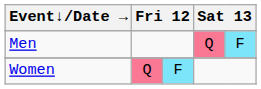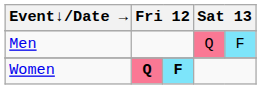 <table class="wikitable" style="margin:0.5em auto; font-size:90%; line-height:1.25em;">
 <tr style="text-align:center;">
 <th>Event↓/Date →</th>
 <th colspan=2>Fri 12</th>
 <th colspan=2>Sat 13</th>
 </tr>
 <tr>
 </tr>
 <tr style="text-align:center;">
 <td style="text-align:left;"><a href='#'>Men</a></td>
 <td colspan=2></td>
 <td style="background-color:#FA7894;">Q</td>
 <td style="background-color:#7DE5FA;">F</td>
 </tr>
 <tr>
 </tr>
 <tr style="text-align:center;">
 <td style="text-align:left;"><a href='#'>Women</a></td>
-<td style="background-color:#FA7894;">Q</td>
-<td style="background-color:#7DE5FA;">F</td>
+<td style="background-color:#FA7894;"><strong>Q</strong></td>
+<td style="background-color:#7DE5FA;"><strong>F</strong></td>
 <td colspan=2></td>
 </tr>
 </table>
